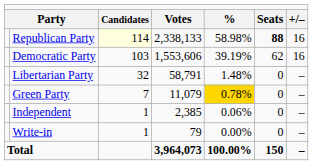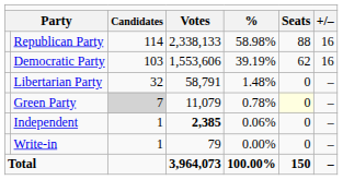 <table class="wikitable" style="font-size:100%; text-align:right;">
 <tr>
 <td colspan="15" align="center"></td>
 </tr>
 <tr>
 <th colspan="2">Party</th>
 <th><small>Candi</small><small>dates</small></th>
 <th>Votes</th>
 <th>%</th>
 <th>Seats</th>
 <th>+/–</th>
 </tr>
 <tr>
 <td style="background:"></td>
 <td align="left"><a href='#'>Republican Party</a></td>
-<td style="background: lightyellow;">114</td>
+<td>114</td>
 <td>2,338,133</td>
 <td>58.98%</td>
-<td><strong>88</strong></td>
+<td>88</td>
 <td>16</td>
 </tr>
 <tr>
 <td style="background:"></td>
 <td align="left"><a href='#'>Democratic Party</a></td>
 <td>103</td>
 <td>1,553,606</td>
 <td>39.19%</td>
 <td>62</td>
 <td>16</td>
 </tr>
 <tr>
 <td style="background:"></td>
 <td align="left"><a href='#'>Libertarian Party</a></td>
 <td>32</td>
 <td>58,791</td>
 <td>1.48%</td>
 <td>0</td>
 <td>–</td>
 </tr>
 <tr>
 <td style="background:"></td>
 <td align="left"><a href='#'>Green Party</a></td>
-<td>7</td>
+<td style="background: lightgrey;">7</td>
 <td>11,079</td>
-<td style="background: gold;">0.78%</td>
-<td>0</td>
+<td>0.78%</td>
+<td style="background: lightyellow;">0</td>
 <td>–</td>
 </tr>
 <tr>
 <td style="background:"></td>
 <td align="left"><a href='#'>Independent</a></td>
 <td>1</td>
-<td>2,385</td>
+<td><strong>2,385</strong></td>
 <td>0.06%</td>
 <td>0</td>
 <td>–</td>
 </tr>
 <tr>
 <td style="background:"></td>
 <td align="left"><a href='#'>Write-in</a></td>
 <td>1</td>
 <td>79</td>
 <td>0.00%</td>
 <td>0</td>
 <td>–</td>
 </tr>
 <tr style="font-weight:bold">
 <td colspan="2" align="left">Total</td>
 <td></td>
 <td>3,964,073</td>
 <td>100.00%</td>
 <td>150</td>
 <td>–</td>
 </tr>
 </table>
